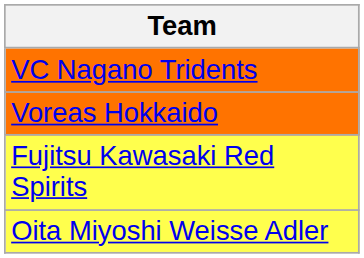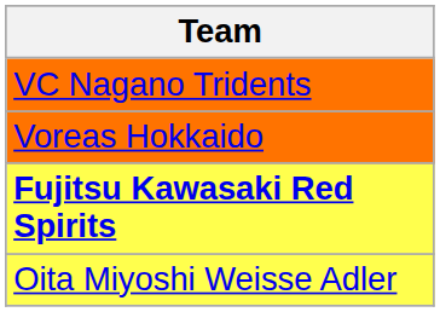 <table class="wikitable" style="text-align: center;">
 <tr>
 <th width=200>Team</th>
 </tr>
 <tr bgcolor=#FF7300>
 <td style="text-align:left;"><a href='#'>VC Nagano Tridents</a></td>
 </tr>
 <tr bgcolor=#FF7300>
 <td style="text-align:left;"><a href='#'>Voreas Hokkaido</a></td>
 </tr>
 <tr bgcolor=#FFFF4D>
-<td style="text-align:left;"><a href='#'>Fujitsu Kawasaki Red Spirits</a></td>
+<td style="text-align:left;"><strong><a href='#'>Fujitsu Kawasaki Red Spirits</a></strong></td>
 </tr>
 <tr bgcolor=#FFFF4D>
 <td style="text-align:left;"><a href='#'>Oita Miyoshi Weisse Adler</a></td>
 </tr>
 </table>
